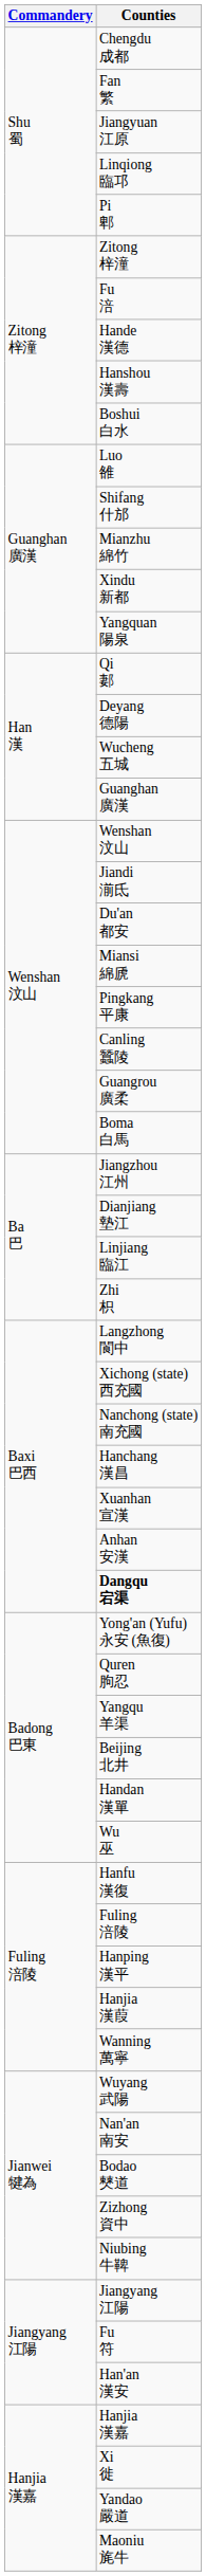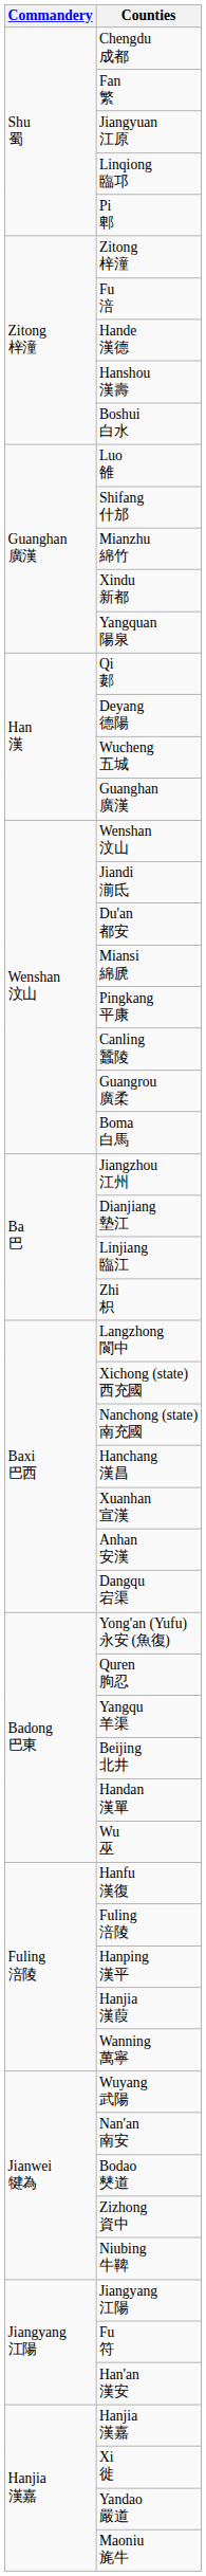 <table class="wikitable sortable">
 <tr>
 <th><a href='#'>Commandery</a></th>
 <th>Counties</th>
 </tr>
 <tr>
 <td rowspan=5>Shu<br>蜀</td>
 <td>Chengdu<br>成都</td>
 </tr>
 <tr>
 <td>Fan<br>繁</td>
 </tr>
 <tr>
 <td>Jiangyuan<br>江原</td>
 </tr>
 <tr>
 <td>Linqiong<br>臨邛</td>
 </tr>
 <tr>
 <td>Pi<br>郫</td>
 </tr>
 <tr>
 <td rowspan=5>Zitong<br>梓潼</td>
 <td>Zitong<br>梓潼</td>
 </tr>
 <tr>
 <td>Fu<br>涪</td>
 </tr>
 <tr>
 <td>Hande<br>漢德</td>
 </tr>
 <tr>
 <td>Hanshou<br>漢壽</td>
 </tr>
 <tr>
 <td>Boshui<br>白水</td>
 </tr>
 <tr>
 <td rowspan=5>Guanghan<br>廣漢</td>
 <td>Luo<br>雒</td>
 </tr>
 <tr>
 <td>Shifang<br>什邡</td>
 </tr>
 <tr>
 <td>Mianzhu<br>綿竹</td>
 </tr>
 <tr>
 <td>Xindu<br>新都</td>
 </tr>
 <tr>
 <td>Yangquan<br>陽泉</td>
 </tr>
 <tr>
 <td rowspan=4>Han<br>漢</td>
 <td>Qi<br>郪</td>
 </tr>
 <tr>
 <td>Deyang<br>德陽</td>
 </tr>
 <tr>
 <td>Wucheng<br>五城</td>
 </tr>
 <tr>
 <td>Guanghan<br>廣漢</td>
 </tr>
 <tr>
 <td rowspan=8>Wenshan<br>汶山</td>
 <td>Wenshan<br>汶山</td>
 </tr>
 <tr>
 <td>Jiandi<br>湔氐</td>
 </tr>
 <tr>
 <td>Du'an<br>都安</td>
 </tr>
 <tr>
 <td>Miansi<br>綿虒</td>
 </tr>
 <tr>
 <td>Pingkang<br>平康</td>
 </tr>
 <tr>
 <td>Canling<br>蠶陵</td>
 </tr>
 <tr>
 <td>Guangrou<br>廣柔</td>
 </tr>
 <tr>
 <td>Boma<br>白馬</td>
 </tr>
 <tr>
 <td rowspan=4>Ba<br>巴</td>
 <td>Jiangzhou<br>江州</td>
 </tr>
 <tr>
 <td>Dianjiang<br>墊江</td>
 </tr>
 <tr>
 <td>Linjiang<br>臨江</td>
 </tr>
 <tr>
 <td>Zhi<br>枳</td>
 </tr>
 <tr>
 <td rowspan=7>Baxi<br>巴西</td>
 <td>Langzhong<br>閬中</td>
 </tr>
 <tr>
 <td>Xichong (state)<br>西充國</td>
 </tr>
 <tr>
 <td>Nanchong (state)<br>南充國</td>
 </tr>
 <tr>
 <td>Hanchang<br>漢昌</td>
 </tr>
 <tr>
 <td>Xuanhan<br>宣漢</td>
 </tr>
 <tr>
 <td>Anhan<br>安漢</td>
 </tr>
 <tr>
-<td><strong>Dangqu<br>宕渠</strong></td>
+<td>Dangqu<br>宕渠</td>
 </tr>
 <tr>
 <td rowspan=6>Badong<br>巴東</td>
 <td>Yong'an (Yufu)<br>永安 (魚復)</td>
 </tr>
 <tr>
 <td>Quren<br>朐忍</td>
 </tr>
 <tr>
 <td>Yangqu<br>羊渠</td>
 </tr>
 <tr>
 <td>Beijing<br>北井</td>
 </tr>
 <tr>
 <td>Handan<br>漢單</td>
 </tr>
 <tr>
 <td>Wu<br>巫</td>
 </tr>
 <tr>
 <td rowspan=5>Fuling<br>涪陵</td>
 <td>Hanfu<br>漢復</td>
 </tr>
 <tr>
 <td>Fuling<br>涪陵</td>
 </tr>
 <tr>
 <td>Hanping<br>漢平</td>
 </tr>
 <tr>
 <td>Hanjia<br>漢葭</td>
 </tr>
 <tr>
 <td>Wanning<br>萬寧</td>
 </tr>
 <tr>
 <td rowspan=5>Jianwei<br>犍為</td>
 <td>Wuyang<br>武陽</td>
 </tr>
 <tr>
 <td>Nan'an<br>南安</td>
 </tr>
 <tr>
 <td>Bodao<br>僰道</td>
 </tr>
 <tr>
 <td>Zizhong<br>資中</td>
 </tr>
 <tr>
 <td>Niubing<br>牛鞞</td>
 </tr>
 <tr>
 <td rowspan=3>Jiangyang<br>江陽</td>
 <td>Jiangyang<br>江陽</td>
 </tr>
 <tr>
 <td>Fu<br>符</td>
 </tr>
 <tr>
 <td>Han'an<br>漢安</td>
 </tr>
 <tr>
 <td rowspan=4>Hanjia<br>漢嘉</td>
 <td>Hanjia<br>漢嘉</td>
 </tr>
 <tr>
 <td>Xi<br>徙</td>
 </tr>
 <tr>
 <td>Yandao<br>嚴道</td>
 </tr>
 <tr>
 <td>Maoniu<br>旄牛</td>
 </tr>
 </table>
